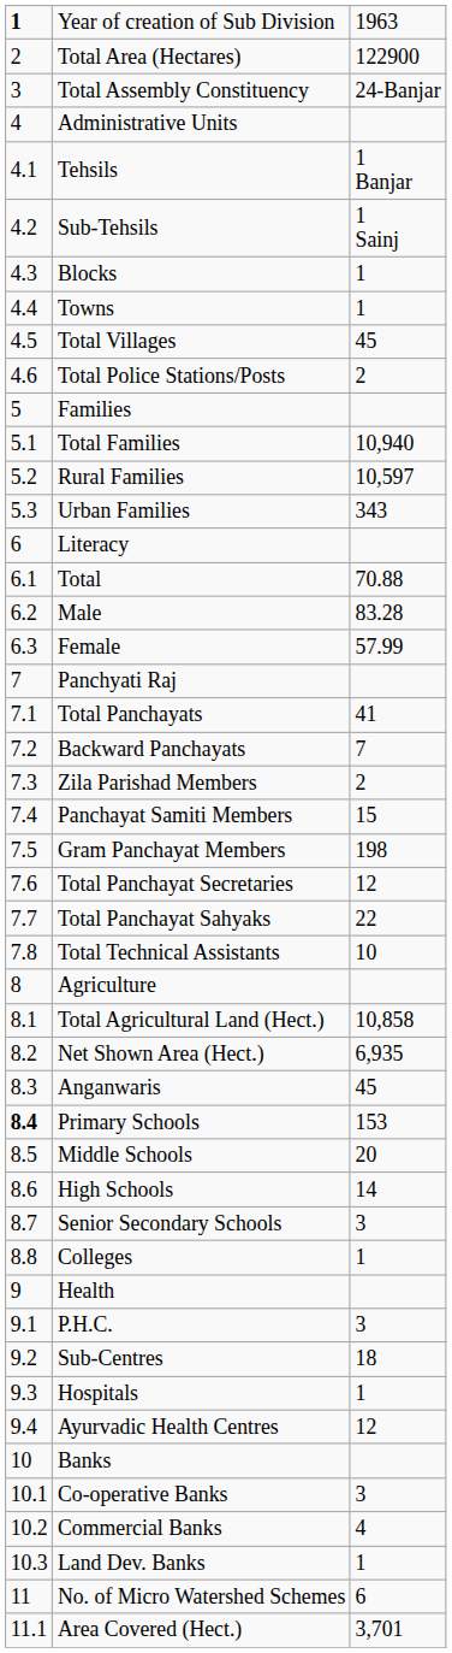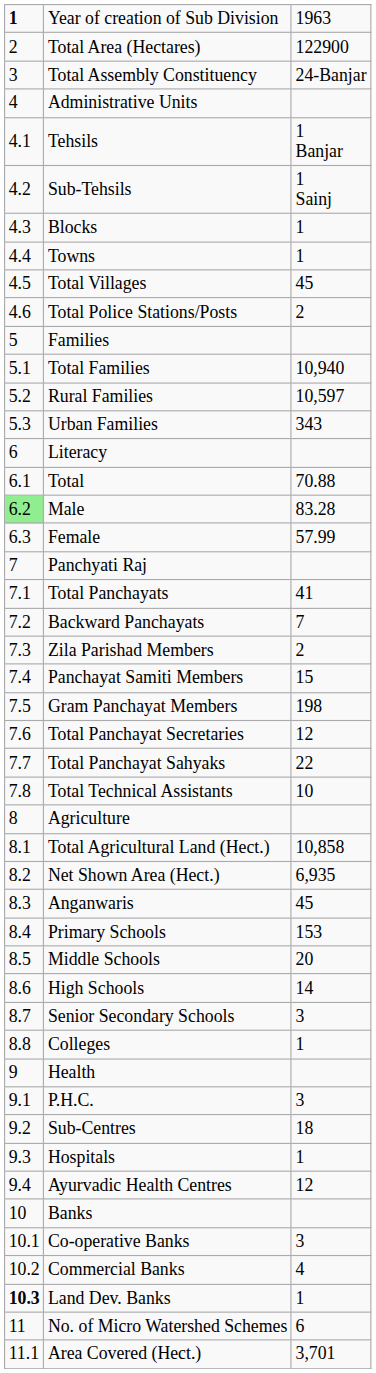 <table class="wikitable">
 <tr>
 <td><strong>1</strong></td>
 <td>Year of  creation of Sub Division</td>
 <td>1963</td>
 </tr>
 <tr>
 <td>2</td>
 <td>Total Area (Hectares)</td>
 <td>122900</td>
 </tr>
 <tr>
 <td>3</td>
 <td>Total  Assembly Constituency</td>
 <td>24-Banjar</td>
 </tr>
 <tr>
 <td>4</td>
 <td>Administrative  Units</td>
 <td></td>
 </tr>
 <tr>
 <td>4.1</td>
 <td>Tehsils</td>
 <td>1<br>Banjar</td>
 </tr>
 <tr>
 <td>4.2</td>
 <td>Sub-Tehsils</td>
 <td>1<br>Sainj</td>
 </tr>
 <tr>
 <td>4.3</td>
 <td>Blocks</td>
 <td>1</td>
 </tr>
 <tr>
 <td>4.4</td>
 <td>Towns</td>
 <td>1</td>
 </tr>
 <tr>
 <td>4.5</td>
 <td>Total Villages</td>
 <td>45</td>
 </tr>
 <tr>
 <td>4.6</td>
 <td>Total Police  Stations/Posts</td>
 <td>2</td>
 </tr>
 <tr>
 <td>5</td>
 <td>Families</td>
 <td></td>
 </tr>
 <tr>
 <td>5.1</td>
 <td>Total  Families</td>
 <td>10,940</td>
 </tr>
 <tr>
 <td>5.2</td>
 <td>Rural Families</td>
 <td>10,597</td>
 </tr>
 <tr>
 <td>5.3</td>
 <td>Urban Families</td>
 <td>343</td>
 </tr>
 <tr>
 <td>6</td>
 <td>Literacy</td>
 <td></td>
 </tr>
 <tr>
 <td>6.1</td>
 <td>Total</td>
 <td>70.88</td>
 </tr>
 <tr>
-<td>6.2</td>
+<td style="background: lightgreen;">6.2</td>
 <td>Male</td>
 <td>83.28</td>
 </tr>
 <tr>
 <td>6.3</td>
 <td>Female</td>
 <td>57.99</td>
 </tr>
 <tr>
 <td>7</td>
 <td>Panchyati  Raj</td>
 <td></td>
 </tr>
 <tr>
 <td>7.1</td>
 <td>Total  Panchayats</td>
 <td>41</td>
 </tr>
 <tr>
 <td>7.2</td>
 <td>Backward Panchayats</td>
 <td>7</td>
 </tr>
 <tr>
 <td>7.3</td>
 <td>Zila Parishad Members</td>
 <td>2</td>
 </tr>
 <tr>
 <td>7.4</td>
 <td>Panchayat Samiti  Members</td>
 <td>15</td>
 </tr>
 <tr>
 <td>7.5</td>
 <td>Gram Panchayat  Members</td>
 <td>198</td>
 </tr>
 <tr>
 <td>7.6</td>
 <td>Total Panchayat  Secretaries</td>
 <td>12</td>
 </tr>
 <tr>
 <td>7.7</td>
 <td>Total Panchayat  Sahyaks</td>
 <td>22</td>
 </tr>
 <tr>
 <td>7.8</td>
 <td>Total Technical  Assistants</td>
 <td>10</td>
 </tr>
 <tr>
 <td>8</td>
 <td>Agriculture</td>
 <td></td>
 </tr>
 <tr>
 <td>8.1</td>
 <td>Total  Agricultural Land (Hect.)</td>
 <td>10,858</td>
 </tr>
 <tr>
 <td>8.2</td>
 <td>Net Shown Area  (Hect.)</td>
 <td>6,935</td>
 </tr>
 <tr>
 <td>8.3</td>
 <td>Anganwaris</td>
 <td>45</td>
 </tr>
 <tr>
-<td><strong>8.4</strong></td>
+<td>8.4</td>
 <td>Primary Schools</td>
 <td>153</td>
 </tr>
 <tr>
 <td>8.5</td>
 <td>Middle Schools</td>
 <td>20</td>
 </tr>
 <tr>
 <td>8.6</td>
 <td>High Schools</td>
 <td>14</td>
 </tr>
 <tr>
 <td>8.7</td>
 <td>Senior Secondary  Schools</td>
 <td>3</td>
 </tr>
 <tr>
 <td>8.8</td>
 <td>Colleges</td>
 <td>1</td>
 </tr>
 <tr>
 <td>9</td>
 <td>Health</td>
 <td></td>
 </tr>
 <tr>
 <td>9.1</td>
 <td>P.H.C.</td>
 <td>3</td>
 </tr>
 <tr>
 <td>9.2</td>
 <td>Sub-Centres</td>
 <td>18</td>
 </tr>
 <tr>
 <td>9.3</td>
 <td>Hospitals</td>
 <td>1</td>
 </tr>
 <tr>
 <td>9.4</td>
 <td>Ayurvadic Health  Centres</td>
 <td>12</td>
 </tr>
 <tr>
 <td>10</td>
 <td>Banks</td>
 <td></td>
 </tr>
 <tr>
 <td>10.1</td>
 <td>Co-operative  Banks</td>
 <td>3</td>
 </tr>
 <tr>
 <td>10.2</td>
 <td>Commercial Banks</td>
 <td>4</td>
 </tr>
 <tr>
-<td>10.3</td>
+<td><strong>10.3</strong></td>
 <td>Land Dev. Banks</td>
 <td>1</td>
 </tr>
 <tr>
 <td>11</td>
 <td>No. of  Micro Watershed Schemes</td>
 <td>6</td>
 </tr>
 <tr>
 <td>11.1</td>
 <td>Area Covered (Hect.)</td>
 <td>3,701</td>
 </tr>
 </table>
